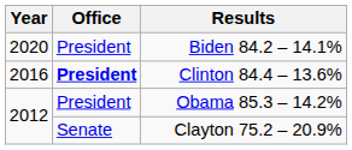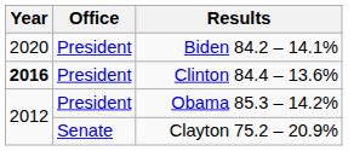 <table class=wikitable>
 <tr>
 <th width="30">Year</th>
 <th width="60">Office</th>
 <th width="180">Results</th>
 </tr>
 <tr>
 <td>2020</td>
 <td><a href='#'>President</a></td>
 <td align="right" ><a href='#'>Biden</a> 84.2 – 14.1%</td>
 </tr>
 <tr>
-<td>2016</td>
-<td><strong><a href='#'>President</a></strong></td>
+<td><strong>2016</strong></td>
+<td><a href='#'>President</a></td>
 <td align="right" ><a href='#'>Clinton</a> 84.4 – 13.6%</td>
 </tr>
 <tr>
 <td rowspan="2">2012</td>
 <td><a href='#'>President</a></td>
 <td align="right" ><a href='#'>Obama</a> 85.3 – 14.2%</td>
 </tr>
 <tr>
 <td><a href='#'>Senate</a></td>
 <td align="right" >Clayton 75.2 – 20.9%</td>
 </tr>
 </table>
